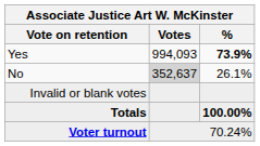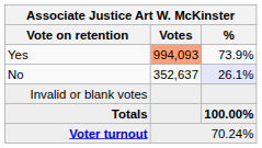 <table class="wikitable" style="font-size: 95%;">
 <tr style="background-color:#E9E9E9">
 <th colspan=7>Associate Justice Art W. McKinster</th>
 </tr>
 <tr style="background-color:#E9E9E9">
 <th style="width: 170px">Vote on retention</th>
 <th style="width: 50px">Votes</th>
 <th style="width: 40px">%</th>
 </tr>
 <tr>
 <td>Yes</td>
-<td align="right">994,093</td>
-<td align="right"><strong>73.9%</strong></td>
+<td align="right" style="background: lightsalmon;">994,093</td>
+<td align="right">73.9%</td>
 </tr>
 <tr>
 <td>No</td>
-<td align="right" style="background: lightgrey;">352,637</td>
-<td align="right">26.1%</td>
+<td align="right">352,637</td>
+<td align="right" style="background: lavender;">26.1%</td>
 </tr>
 <tr bgcolor="#EEEEEE">
 <td align="right">Invalid or blank votes</td>
 <td align="right"></td>
 <td align="right"></td>
 </tr>
 <tr bgcolor="#EEEEEE">
 <td align="right"><strong>Totals</strong></td>
 <td align="right"><strong></strong></td>
 <td align="right"><strong>100.00%</strong></td>
 </tr>
 <tr bgcolor="#EEEEEE">
 <td align="right"><strong><a href='#'>Voter turnout</a></strong></td>
 <td colspan="2" align="right">70.24%</td>
 </tr>
 </table>
